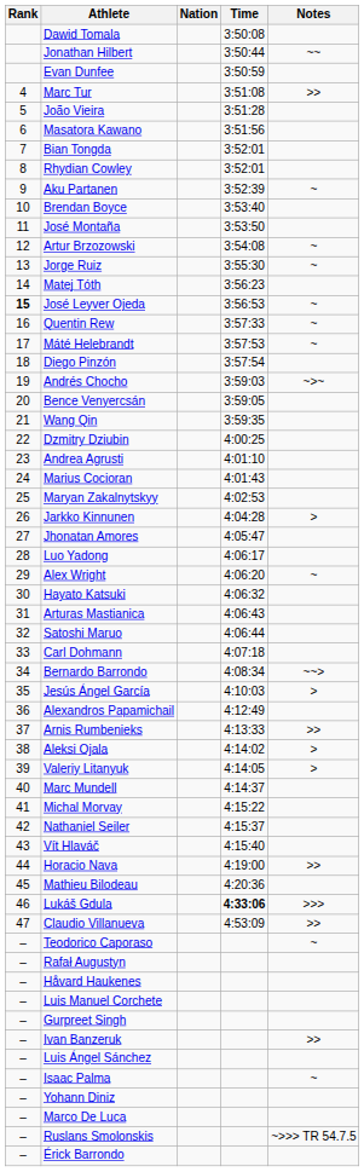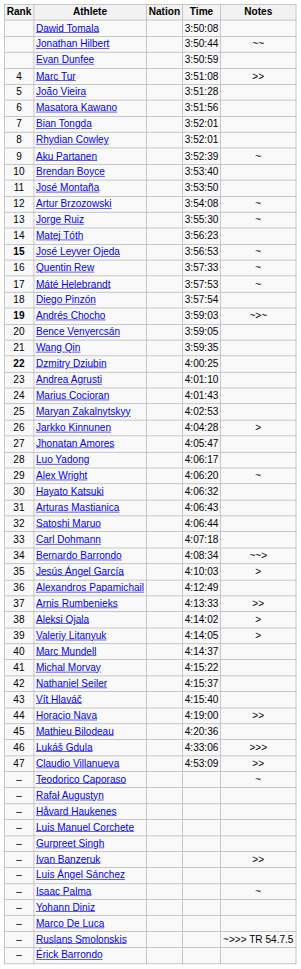 <table class="wikitable sortable" style="text-align:center">
 <tr>
 <th>Rank</th>
 <th>Athlete</th>
 <th>Nation</th>
 <th>Time</th>
 <th>Notes</th>
 </tr>
 <tr>
 <td></td>
 <td align=left><a href='#'>Dawid Tomala</a></td>
 <td align=left></td>
 <td>3:50:08</td>
 <td></td>
 </tr>
 <tr>
 <td></td>
 <td align=left><a href='#'>Jonathan Hilbert</a></td>
 <td align=left></td>
 <td>3:50:44</td>
 <td>~~</td>
 </tr>
 <tr>
 <td></td>
 <td align=left><a href='#'>Evan Dunfee</a></td>
 <td align=left></td>
 <td>3:50:59</td>
 <td></td>
 </tr>
 <tr>
 <td>4</td>
 <td align=left><a href='#'>Marc Tur</a></td>
 <td align=left></td>
 <td>3:51:08</td>
 <td>>></td>
 </tr>
 <tr>
 <td>5</td>
 <td align=left><a href='#'>João Vieira</a></td>
 <td align=left></td>
 <td>3:51:28</td>
 <td></td>
 </tr>
 <tr>
 <td>6</td>
 <td align=left><a href='#'>Masatora Kawano</a></td>
 <td align=left></td>
 <td>3:51:56</td>
 <td></td>
 </tr>
 <tr>
 <td>7</td>
 <td align=left><a href='#'>Bian Tongda</a></td>
 <td align=left></td>
 <td>3:52:01</td>
 <td></td>
 </tr>
 <tr>
 <td>8</td>
 <td align=left><a href='#'>Rhydian Cowley</a></td>
 <td align=left></td>
 <td>3:52:01</td>
 <td></td>
 </tr>
 <tr>
 <td>9</td>
 <td align=left><a href='#'>Aku Partanen</a></td>
 <td align=left></td>
 <td>3:52:39</td>
 <td>~ </td>
 </tr>
 <tr>
 <td>10</td>
 <td align=left><a href='#'>Brendan Boyce</a></td>
 <td align=left></td>
 <td>3:53:40</td>
 <td></td>
 </tr>
 <tr>
 <td>11</td>
 <td align=left><a href='#'>José Montaña</a></td>
 <td align=left></td>
 <td>3:53:50</td>
 <td></td>
 </tr>
 <tr>
 <td>12</td>
 <td align=left><a href='#'>Artur Brzozowski</a></td>
 <td align=left></td>
 <td>3:54:08</td>
 <td>~ </td>
 </tr>
 <tr>
 <td>13</td>
 <td align=left><a href='#'>Jorge Ruiz</a></td>
 <td align=left></td>
 <td>3:55:30</td>
 <td>~</td>
 </tr>
 <tr>
 <td>14</td>
 <td align=left><a href='#'>Matej Tóth</a></td>
 <td align=left></td>
 <td>3:56:23</td>
 <td></td>
 </tr>
 <tr>
 <td><strong>15</strong></td>
 <td align=left><a href='#'>José Leyver Ojeda</a></td>
 <td align=left></td>
 <td>3:56:53</td>
 <td>~ </td>
 </tr>
 <tr>
 <td>16</td>
 <td align=left><a href='#'>Quentin Rew</a></td>
 <td align=left></td>
 <td>3:57:33</td>
 <td>~</td>
 </tr>
 <tr>
 <td>17</td>
 <td align=left><a href='#'>Máté Helebrandt</a></td>
 <td align=left></td>
 <td>3:57:53</td>
 <td>~ </td>
 </tr>
 <tr>
 <td>18</td>
 <td align=left><a href='#'>Diego Pinzón</a></td>
 <td align=left></td>
 <td>3:57:54</td>
 <td></td>
 </tr>
 <tr>
-<td>19</td>
+<td><strong>19</strong></td>
 <td align=left><a href='#'>Andrés Chocho</a></td>
 <td align=left></td>
 <td>3:59:03</td>
 <td>~>~ </td>
 </tr>
 <tr>
 <td>20</td>
 <td align=left><a href='#'>Bence Venyercsán</a></td>
 <td align=left></td>
 <td>3:59:05</td>
 <td></td>
 </tr>
 <tr>
 <td>21</td>
 <td align=left><a href='#'>Wang Qin</a></td>
 <td align=left></td>
 <td>3:59:35</td>
 <td></td>
 </tr>
 <tr>
-<td>22</td>
+<td><strong>22</strong></td>
 <td align=left><a href='#'>Dzmitry Dziubin</a></td>
 <td align=left></td>
 <td>4:00:25</td>
 <td></td>
 </tr>
 <tr>
 <td>23</td>
 <td align=left><a href='#'>Andrea Agrusti</a></td>
 <td align=left></td>
 <td>4:01:10</td>
 <td></td>
 </tr>
 <tr>
 <td>24</td>
 <td align=left><a href='#'>Marius Cocioran</a></td>
 <td align=left></td>
 <td>4:01:43</td>
 <td></td>
 </tr>
 <tr>
 <td>25</td>
 <td align=left><a href='#'>Maryan Zakalnytskyy</a></td>
 <td align=left></td>
 <td>4:02:53</td>
 <td></td>
 </tr>
 <tr>
 <td>26</td>
 <td align="left"><a href='#'>Jarkko Kinnunen</a></td>
 <td align="left"></td>
 <td>4:04:28</td>
 <td>></td>
 </tr>
 <tr>
 <td>27</td>
 <td align="left"><a href='#'>Jhonatan Amores</a></td>
 <td align="left"></td>
 <td>4:05:47</td>
 <td></td>
 </tr>
 <tr>
 <td>28</td>
 <td align="left"><a href='#'>Luo Yadong</a></td>
 <td align="left"></td>
 <td>4:06:17</td>
 <td></td>
 </tr>
 <tr>
 <td>29</td>
 <td align="left"><a href='#'>Alex Wright</a></td>
 <td align="left"></td>
 <td>4:06:20</td>
 <td>~ </td>
 </tr>
 <tr>
 <td>30</td>
 <td align="left"><a href='#'>Hayato Katsuki</a></td>
 <td align="left"></td>
 <td>4:06:32</td>
 <td></td>
 </tr>
 <tr>
 <td>31</td>
 <td align="left"><a href='#'>Arturas Mastianica</a></td>
 <td align="left"></td>
 <td>4:06:43</td>
 <td></td>
 </tr>
 <tr>
 <td>32</td>
 <td align="left"><a href='#'>Satoshi Maruo</a></td>
 <td align="left"></td>
 <td>4:06:44</td>
 <td></td>
 </tr>
 <tr>
 <td>33</td>
 <td align="left"><a href='#'>Carl Dohmann</a></td>
 <td align="left"></td>
 <td>4:07:18</td>
 <td></td>
 </tr>
 <tr>
 <td>34</td>
 <td align="left"><a href='#'>Bernardo Barrondo</a></td>
 <td align="left"></td>
 <td>4:08:34</td>
 <td>~~></td>
 </tr>
 <tr>
 <td>35</td>
 <td align="left"><a href='#'>Jesús Ángel García</a></td>
 <td align="left"></td>
 <td>4:10:03</td>
 <td>></td>
 </tr>
 <tr>
 <td>36</td>
 <td align="left"><a href='#'>Alexandros Papamichail</a></td>
 <td align="left"></td>
 <td>4:12:49</td>
 <td></td>
 </tr>
 <tr>
 <td>37</td>
 <td align="left"><a href='#'>Arnis Rumbenieks</a></td>
 <td align="left"></td>
 <td>4:13:33</td>
 <td>>></td>
 </tr>
 <tr>
 <td>38</td>
 <td align="left"><a href='#'>Aleksi Ojala</a></td>
 <td align="left"></td>
 <td>4:14:02</td>
 <td>></td>
 </tr>
 <tr>
 <td>39</td>
 <td align="left"><a href='#'>Valeriy Litanyuk</a></td>
 <td align="left"></td>
 <td>4:14:05</td>
 <td>></td>
 </tr>
 <tr>
 <td>40</td>
 <td align="left"><a href='#'>Marc Mundell</a></td>
 <td align="left"></td>
 <td>4:14:37</td>
 <td></td>
 </tr>
 <tr>
 <td>41</td>
 <td align="left"><a href='#'>Michal Morvay</a></td>
 <td align="left"></td>
 <td>4:15:22</td>
 <td></td>
 </tr>
 <tr>
 <td>42</td>
 <td align="left"><a href='#'>Nathaniel Seiler</a></td>
 <td align="left"></td>
 <td>4:15:37</td>
 <td></td>
 </tr>
 <tr>
 <td>43</td>
 <td align="left"><a href='#'>Vít Hlaváč</a></td>
 <td align="left"></td>
 <td>4:15:40</td>
 <td></td>
 </tr>
 <tr>
 <td>44</td>
 <td align="left"><a href='#'>Horacio Nava</a></td>
 <td align="left"></td>
 <td>4:19:00</td>
 <td>>></td>
 </tr>
 <tr>
 <td>45</td>
 <td align="left"><a href='#'>Mathieu Bilodeau</a></td>
 <td align="left"></td>
 <td>4:20:36</td>
 <td></td>
 </tr>
 <tr>
 <td>46</td>
 <td align="left"><a href='#'>Lukáš Gdula</a></td>
 <td align="left"></td>
-<td><strong>4:33:06</strong></td>
+<td>4:33:06</td>
 <td>>>></td>
 </tr>
 <tr>
 <td>47</td>
 <td align=left><a href='#'>Claudio Villanueva</a></td>
 <td align=left></td>
 <td>4:53:09</td>
 <td>>></td>
 </tr>
 <tr>
 <td>–</td>
 <td align="left"><a href='#'>Teodorico Caporaso</a></td>
 <td align="left"></td>
 <td></td>
 <td>~</td>
 </tr>
 <tr>
 <td>–</td>
 <td align=left><a href='#'>Rafał Augustyn</a></td>
 <td align=left></td>
 <td></td>
 <td></td>
 </tr>
 <tr>
 <td>–</td>
 <td align=left><a href='#'>Håvard Haukenes</a></td>
 <td align=left></td>
 <td></td>
 <td></td>
 </tr>
 <tr>
 <td>–</td>
 <td align=left><a href='#'>Luis Manuel Corchete</a></td>
 <td align=left></td>
 <td></td>
 <td></td>
 </tr>
 <tr>
 <td>–</td>
 <td align=left><a href='#'>Gurpreet Singh</a></td>
 <td align=left></td>
 <td></td>
 <td></td>
 </tr>
 <tr>
 <td>–</td>
 <td align=left><a href='#'>Ivan Banzeruk</a></td>
 <td align=left></td>
 <td></td>
 <td>>></td>
 </tr>
 <tr>
 <td>–</td>
 <td align=left><a href='#'>Luis Ángel Sánchez</a></td>
 <td align=left></td>
 <td></td>
 <td></td>
 </tr>
 <tr>
 <td>–</td>
 <td align=left><a href='#'>Isaac Palma</a></td>
 <td align=left></td>
 <td></td>
 <td>~</td>
 </tr>
 <tr>
 <td>–</td>
 <td align=left><a href='#'>Yohann Diniz</a></td>
 <td align=left></td>
 <td></td>
 <td></td>
 </tr>
 <tr>
 <td>–</td>
 <td align=left><a href='#'>Marco De Luca</a></td>
 <td align=left></td>
 <td></td>
 <td></td>
 </tr>
 <tr>
 <td>–</td>
 <td align=left><a href='#'>Ruslans Smolonskis</a></td>
 <td align=left></td>
 <td></td>
 <td>~>>> TR 54.7.5</td>
 </tr>
 <tr>
 <td>–</td>
 <td align=left><a href='#'>Érick Barrondo</a></td>
 <td align=left></td>
 <td></td>
 <td></td>
 </tr>
 </table>
